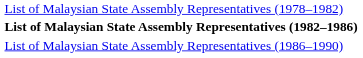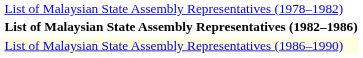 <table id=toc style="float:right">
 <tr>
 <td><a href='#'>List of Malaysian State Assembly Representatives (1978–1982)</a></td>
 </tr>
 <tr>
 <td><strong>List of Malaysian State Assembly Representatives (1982–1986)</strong></td>
 </tr>
 <tr>
-<td><a href='#'>List of Malaysian State Assembly Representatives (1986–1990)</a></td>
+<td style="background: lightyellow;"><a href='#'>List of Malaysian State Assembly Representatives (1986–1990)</a></td>
 </tr>
 </table>
